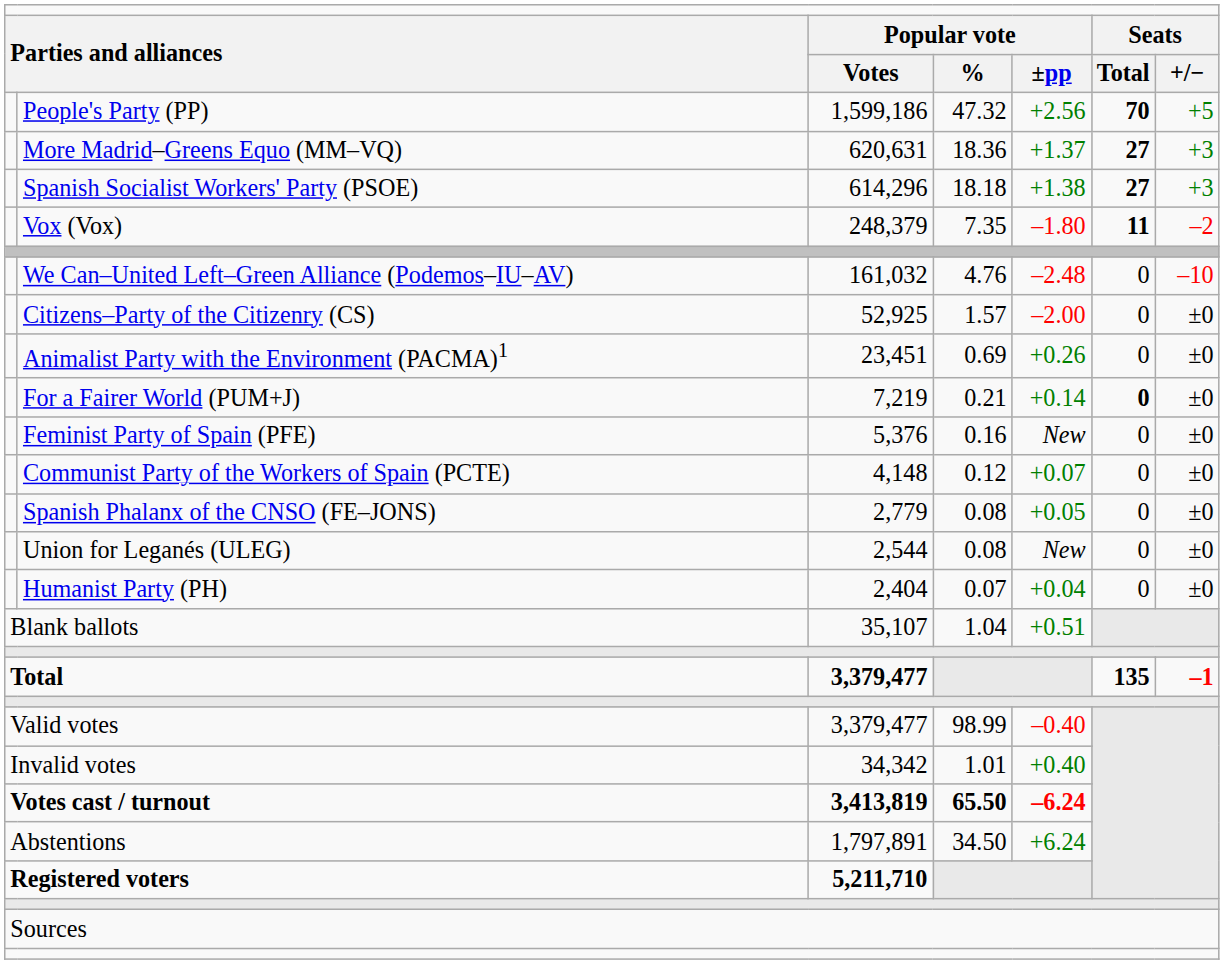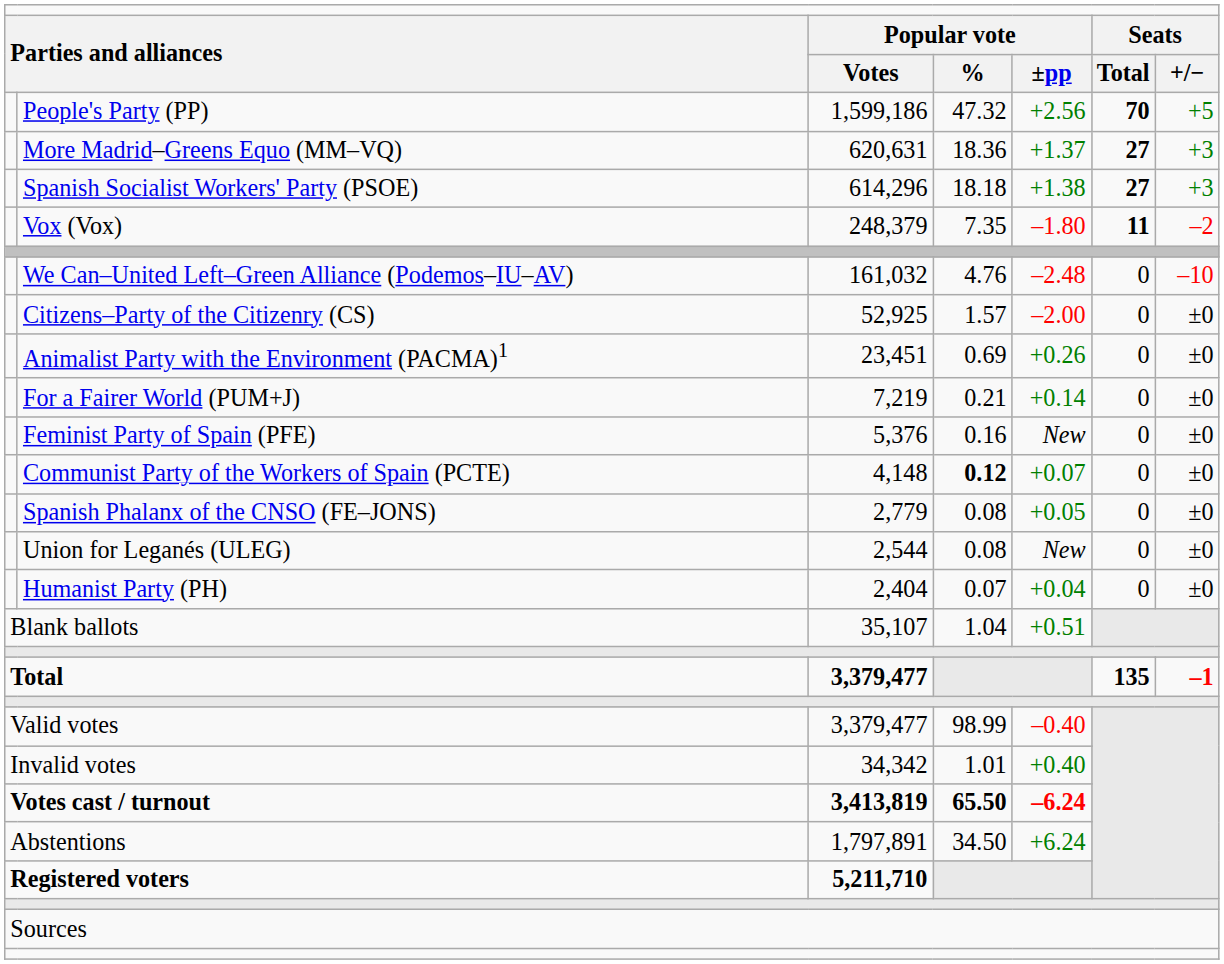 <table class="wikitable" style="text-align:right;">
 <tr>
 <td colspan="7"></td>
 </tr>
 <tr>
 <th style="text-align:left;" rowspan="2" colspan="2" width="525">Parties and alliances</th>
 <th colspan="3">Popular vote</th>
 <th colspan="2">Seats</th>
 </tr>
 <tr>
 <th width="75">Votes</th>
 <th width="45">%</th>
 <th width="45">±<a href='#'>pp</a></th>
 <th width="35">Total</th>
 <th width="35">+/−</th>
 </tr>
 <tr>
 <td width="1" style="color:inherit;background:"></td>
 <td align="left"><a href='#'>People's Party</a> (PP)</td>
 <td>1,599,186</td>
 <td>47.32</td>
 <td style="color:green;">+2.56</td>
 <td><strong>70</strong></td>
 <td style="color:green;">+5</td>
 </tr>
 <tr>
 <td style="color:inherit;background:"></td>
 <td align="left"><a href='#'>More Madrid</a>–<a href='#'>Greens Equo</a> (MM–VQ)</td>
 <td>620,631</td>
 <td>18.36</td>
 <td style="color:green;">+1.37</td>
 <td><strong>27</strong></td>
 <td style="color:green;">+3</td>
 </tr>
 <tr>
 <td style="color:inherit;background:"></td>
 <td align="left"><a href='#'>Spanish Socialist Workers' Party</a> (PSOE)</td>
 <td>614,296</td>
 <td>18.18</td>
 <td style="color:green;">+1.38</td>
 <td><strong>27</strong></td>
 <td style="color:green;">+3</td>
 </tr>
 <tr>
 <td style="color:inherit;background:"></td>
 <td align="left"><a href='#'>Vox</a> (Vox)</td>
 <td>248,379</td>
 <td>7.35</td>
 <td style="color:red;">–1.80</td>
 <td><strong>11</strong></td>
 <td style="color:red;">–2</td>
 </tr>
 <tr>
 <td colspan="7" bgcolor="#C0C0C0"></td>
 </tr>
 <tr>
 <td style="color:inherit;background:"></td>
 <td align="left"><a href='#'>We Can–United Left–Green Alliance</a> (<a href='#'>Podemos</a>–<a href='#'>IU</a>–<a href='#'>AV</a>)</td>
 <td>161,032</td>
 <td>4.76</td>
 <td style="color:red;">–2.48</td>
 <td>0</td>
 <td style="color:red;">–10</td>
 </tr>
 <tr>
 <td style="color:inherit;background:"></td>
 <td align="left"><a href='#'>Citizens–Party of the Citizenry</a> (CS)</td>
 <td>52,925</td>
 <td>1.57</td>
 <td style="color:red;">–2.00</td>
 <td>0</td>
 <td>±0</td>
 </tr>
 <tr>
 <td style="color:inherit;background:"></td>
 <td align="left"><a href='#'>Animalist Party with the Environment</a> (PACMA)<sup>1</sup></td>
 <td>23,451</td>
 <td>0.69</td>
 <td style="color:green;">+0.26</td>
 <td>0</td>
 <td>±0</td>
 </tr>
 <tr>
 <td style="color:inherit;background:"></td>
 <td align="left"><a href='#'>For a Fairer World</a> (PUM+J)</td>
 <td>7,219</td>
 <td>0.21</td>
 <td style="color:green;">+0.14</td>
-<td><strong>0</strong></td>
+<td>0</td>
 <td>±0</td>
 </tr>
 <tr>
 <td style="color:inherit;background:"></td>
 <td align="left"><a href='#'>Feminist Party of Spain</a> (PFE)</td>
 <td>5,376</td>
 <td>0.16</td>
 <td><em>New</em></td>
 <td>0</td>
 <td>±0</td>
 </tr>
 <tr>
 <td style="color:inherit;background:"></td>
 <td align="left"><a href='#'>Communist Party of the Workers of Spain</a> (PCTE)</td>
 <td>4,148</td>
-<td>0.12</td>
+<td><strong>0.12</strong></td>
 <td style="color:green;">+0.07</td>
 <td>0</td>
 <td>±0</td>
 </tr>
 <tr>
 <td style="color:inherit;background:"></td>
 <td align="left"><a href='#'>Spanish Phalanx of the CNSO</a> (FE–JONS)</td>
 <td>2,779</td>
 <td>0.08</td>
 <td style="color:green;">+0.05</td>
 <td>0</td>
 <td>±0</td>
 </tr>
 <tr>
 <td style="color:inherit;background:"></td>
 <td align="left">Union for Leganés (ULEG)</td>
 <td>2,544</td>
 <td>0.08</td>
 <td><em>New</em></td>
 <td>0</td>
 <td>±0</td>
 </tr>
 <tr>
 <td style="color:inherit;background:"></td>
 <td align="left"><a href='#'>Humanist Party</a> (PH)</td>
 <td>2,404</td>
 <td>0.07</td>
 <td style="color:green;">+0.04</td>
 <td>0</td>
 <td>±0</td>
 </tr>
 <tr>
 <td align="left" colspan="2">Blank ballots</td>
 <td>35,107</td>
 <td>1.04</td>
 <td style="color:green;">+0.51</td>
 <td bgcolor="#E9E9E9" colspan="2"></td>
 </tr>
 <tr>
 <td colspan="7" bgcolor="#E9E9E9"></td>
 </tr>
 <tr style="font-weight:bold;">
 <td align="left" colspan="2">Total</td>
 <td>3,379,477</td>
 <td bgcolor="#E9E9E9" colspan="2"></td>
 <td>135</td>
 <td style="color:red;">–1</td>
 </tr>
 <tr>
 <td colspan="7" bgcolor="#E9E9E9"></td>
 </tr>
 <tr>
 <td align="left" colspan="2">Valid votes</td>
 <td>3,379,477</td>
 <td>98.99</td>
 <td style="color:red;">–0.40</td>
 <td bgcolor="#E9E9E9" colspan="2" rowspan="5"></td>
 </tr>
 <tr>
 <td align="left" colspan="2">Invalid votes</td>
 <td>34,342</td>
 <td>1.01</td>
 <td style="color:green;">+0.40</td>
 </tr>
 <tr style="font-weight:bold;">
 <td align="left" colspan="2">Votes cast / turnout</td>
 <td>3,413,819</td>
 <td>65.50</td>
 <td style="color:red;">–6.24</td>
 </tr>
 <tr>
 <td align="left" colspan="2">Abstentions</td>
 <td>1,797,891</td>
 <td>34.50</td>
 <td style="color:green;">+6.24</td>
 </tr>
 <tr style="font-weight:bold;">
 <td align="left" colspan="2">Registered voters</td>
 <td>5,211,710</td>
 <td bgcolor="#E9E9E9" colspan="2"></td>
 </tr>
 <tr>
 <td colspan="7" bgcolor="#E9E9E9"></td>
 </tr>
 <tr>
 <td align="left" colspan="7">Sources</td>
 </tr>
 <tr>
 <td colspan="7" style="text-align:left; max-width:790px;"></td>
 </tr>
 </table>
